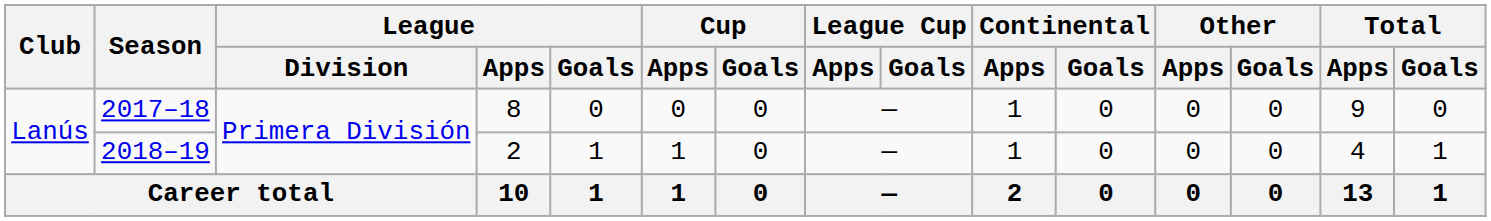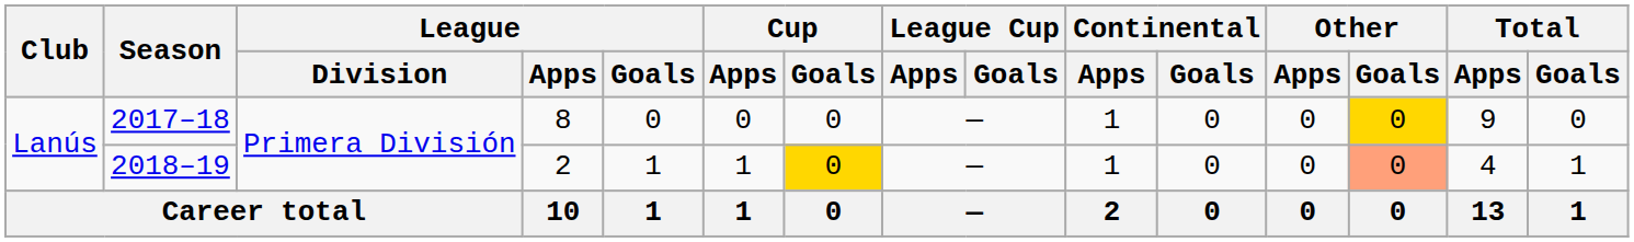 <table class="wikitable" style="text-align:center">
 <tr>
 <th rowspan="2">Club</th>
 <th rowspan="2">Season</th>
 <th colspan="3">League</th>
 <th colspan="2">Cup</th>
 <th colspan="2">League Cup</th>
 <th colspan="2">Continental</th>
 <th colspan="2">Other</th>
 <th colspan="2">Total</th>
 </tr>
 <tr>
 <th>Division</th>
 <th>Apps</th>
 <th>Goals</th>
 <th>Apps</th>
 <th>Goals</th>
 <th>Apps</th>
 <th>Goals</th>
 <th>Apps</th>
 <th>Goals</th>
 <th>Apps</th>
 <th>Goals</th>
 <th>Apps</th>
 <th>Goals</th>
 </tr>
 <tr>
 <td rowspan="2"><a href='#'>Lanús</a></td>
 <td><a href='#'>2017–18</a></td>
 <td rowspan="2"><a href='#'>Primera División</a></td>
 <td>8</td>
 <td>0</td>
 <td>0</td>
 <td>0</td>
 <td colspan="2">—</td>
 <td>1</td>
 <td>0</td>
 <td>0</td>
-<td>0</td>
+<td style="background: gold;">0</td>
 <td>9</td>
 <td>0</td>
 </tr>
 <tr>
 <td><a href='#'>2018–19</a></td>
 <td>2</td>
 <td>1</td>
 <td>1</td>
-<td>0</td>
+<td style="background: gold;">0</td>
 <td colspan="2">—</td>
 <td>1</td>
 <td>0</td>
 <td>0</td>
-<td>0</td>
+<td style="background: lightsalmon;">0</td>
 <td>4</td>
 <td>1</td>
 </tr>
 <tr>
 <th colspan="3">Career total</th>
 <th>10</th>
 <th>1</th>
 <th>1</th>
 <th>0</th>
 <th colspan="2">—</th>
 <th>2</th>
 <th>0</th>
 <th>0</th>
 <th>0</th>
 <th>13</th>
 <th>1</th>
 </tr>
 </table>
